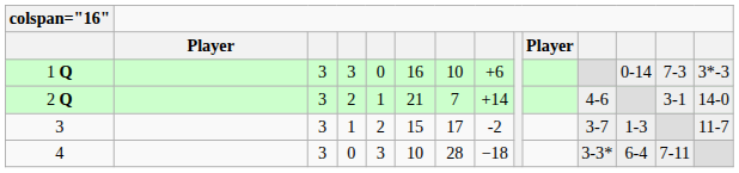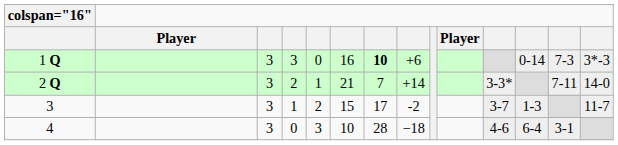 <table class=wikitable style=text-align:center>
 <tr>
 <th>colspan="16" </th>
 </tr>
 <tr>
 <th width=20 abbr=Position></th>
 <th width=175>Player</th>
 <th width=20 abbr=Played></th>
 <th width=20 abbr=Won></th>
 <th width=20 abbr=Lost></th>
 <th width=30 abbr=Points for></th>
 <th width=30 abbr=Points against></th>
 <th width=30 abbr=Points difference></th>
 <th rowspan="5" abbr=H2H></th>
 <th>Player</th>
 <th></th>
 <th></th>
 <th></th>
 <th></th>
 </tr>
 <tr bgcolor=#CCFFCC>
 <td>1 <strong>Q</strong></td>
 <td align=left></td>
 <td>3</td>
 <td>3</td>
 <td>0</td>
 <td>16</td>
-<td>10</td>
+<td><strong>10</strong></td>
 <td>+6</td>
 <td></td>
 <td bgcolor="#dddddd"> </td>
 <td bgcolor="#efefef">0-14</td>
 <td bgcolor="#efefef">7-3</td>
 <td bgcolor="#efefef">3*-3</td>
 </tr>
 <tr bgcolor=#CCFFCC>
 <td>2 <strong>Q</strong></td>
 <td align=left></td>
 <td>3</td>
 <td>2</td>
 <td>1</td>
 <td>21</td>
 <td>7</td>
 <td>+14</td>
 <td></td>
-<td bgcolor="#efefef">4-6</td>
+<td bgcolor="#efefef">3-3*</td>
 <td bgcolor="#dddddd"> </td>
-<td bgcolor="#efefef">3-1</td>
+<td bgcolor="#efefef">7-11</td>
 <td bgcolor="#efefef">14-0</td>
 </tr>
 <tr>
 <td>3 </td>
 <td align=left></td>
 <td>3</td>
 <td>1</td>
 <td>2</td>
 <td>15</td>
 <td>17</td>
 <td>-2</td>
 <td></td>
 <td bgcolor="#efefef">3-7</td>
 <td bgcolor="#efefef">1-3</td>
 <td bgcolor="#dddddd"> </td>
 <td bgcolor="#efefef">11-7</td>
 </tr>
 <tr>
 <td>4 </td>
 <td align=left></td>
 <td>3</td>
 <td>0</td>
 <td>3</td>
 <td>10</td>
 <td>28</td>
 <td>−18</td>
 <td></td>
-<td bgcolor="#efefef">3-3*</td>
+<td bgcolor="#efefef">4-6</td>
 <td bgcolor="#efefef">6-4</td>
-<td bgcolor="#efefef">7-11</td>
+<td bgcolor="#efefef">3-1</td>
 <td bgcolor="#dddddd"> </td>
 </tr>
 </table>
